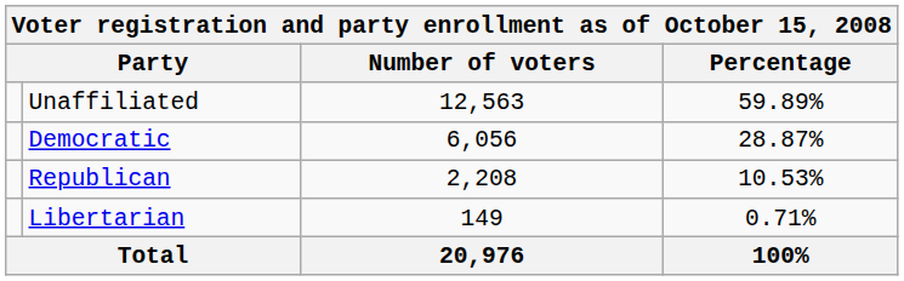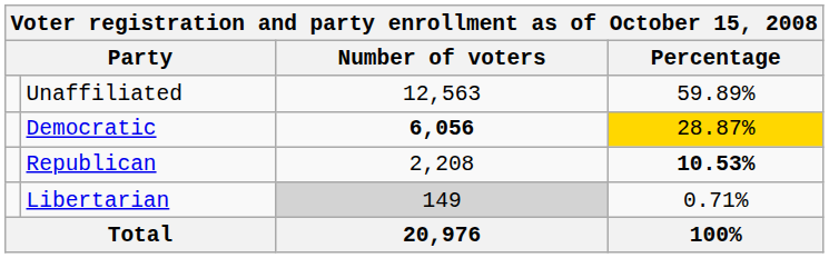 <table class=wikitable>
 <tr>
 <th colspan = 6>Voter registration and party enrollment as of October 15, 2008</th>
 </tr>
 <tr>
 <th colspan = 2>Party</th>
 <th>Number of voters</th>
 <th>Percentage</th>
 </tr>
 <tr>
 <td></td>
 <td>Unaffiliated</td>
 <td align = center>12,563</td>
 <td align = center>59.89%</td>
 </tr>
 <tr>
 <td></td>
 <td><a href='#'>Democratic</a></td>
-<td align = center>6,056</td>
-<td align = center>28.87%</td>
+<td align = center><strong>6,056</strong></td>
+<td align = center style="background: gold;">28.87%</td>
 </tr>
 <tr>
 <td></td>
 <td><a href='#'>Republican</a></td>
 <td align = center>2,208</td>
-<td align = center>10.53%</td>
+<td align = center><strong>10.53%</strong></td>
 </tr>
 <tr>
 <td></td>
 <td><a href='#'>Libertarian</a></td>
-<td align = center>149</td>
+<td align = center style="background: lightgrey;">149</td>
 <td align = center>0.71%</td>
 </tr>
 <tr>
 <th colspan = 2>Total</th>
 <th align = center>20,976</th>
 <th align = center>100%</th>
 </tr>
 </table>
